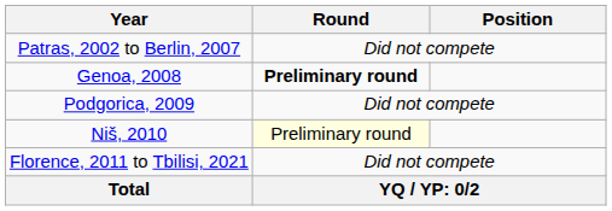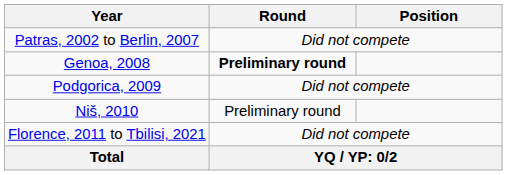 <table class="wikitable" style="text-align: center;">
 <tr>
 <th>Year</th>
 <th width="150">Round</th>
 <th width="150">Position</th>
 </tr>
 <tr>
 <td><a href='#'>Patras, 2002</a> to <a href='#'>Berlin, 2007</a></td>
 <td colspan="2"><em>Did not compete</em></td>
 </tr>
 <tr>
 <td> <a href='#'>Genoa, 2008</a></td>
 <td><strong>Preliminary round</strong></td>
 <td></td>
 </tr>
 <tr>
 <td> <a href='#'>Podgorica, 2009</a></td>
 <td colspan="2"><em>Did not compete</em></td>
 </tr>
 <tr>
 <td> <a href='#'>Niš, 2010</a></td>
-<td style="background: lightyellow;">Preliminary round</td>
+<td>Preliminary round</td>
 <td></td>
 </tr>
 <tr>
 <td><a href='#'>Florence, 2011</a> to <a href='#'>Tbilisi, 2021</a></td>
 <td colspan="2"><em>Did not compete</em></td>
 </tr>
 <tr>
 <th>Total</th>
 <th colspan="2">YQ / YP: 0/2</th>
 </tr>
 </table>
